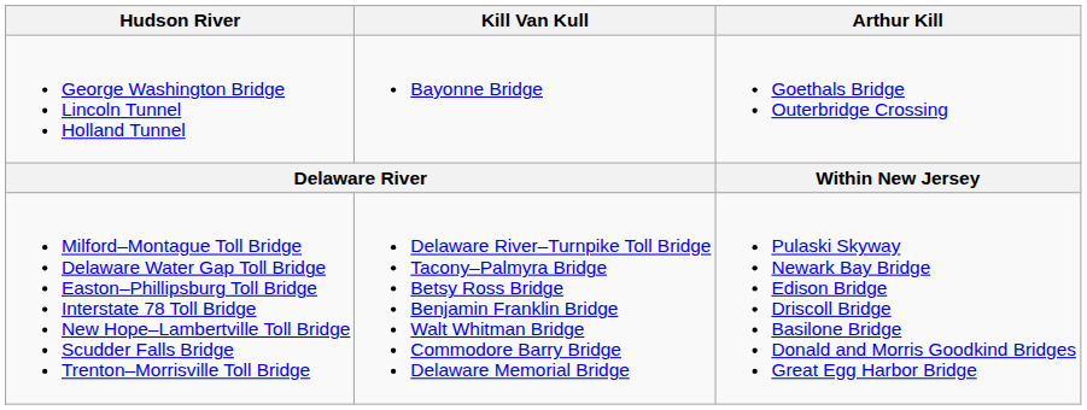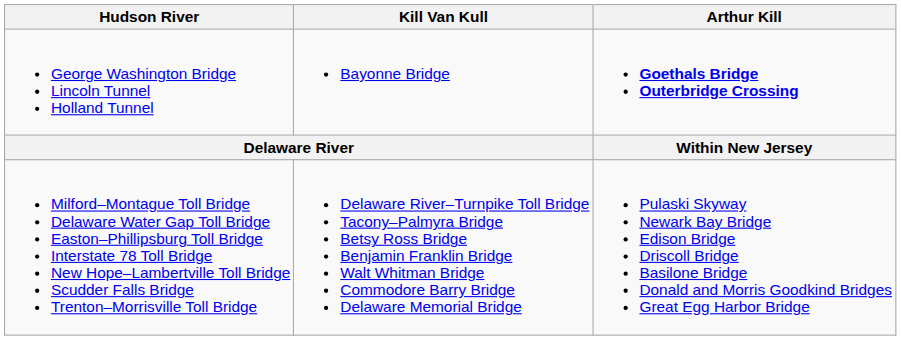 <table class="wikitable" style="float: margin-left: 5em; font-size: 90%;" cellspacing="3">
 <tr>
 <th>Hudson River</th>
 <th>Kill Van Kull</th>
 <th>Arthur Kill</th>
 </tr>
 <tr>
 <td valign="top"><br><ul><li><a href='#'>George Washington Bridge</a></li><li><a href='#'>Lincoln Tunnel</a></li><li><a href='#'>Holland Tunnel</a></li></ul></td>
 <td valign="top"><br><ul><li><a href='#'>Bayonne Bridge</a></li></ul></td>
-<td valign="top"><br><ul><li><a href='#'>Goethals Bridge</a></li><li><a href='#'>Outerbridge Crossing</a></li></ul></td>
+<td valign="top"><strong><br><ul><li><a href='#'>Goethals Bridge</a></li><li><a href='#'>Outerbridge Crossing</a></li></ul></strong></td>
 </tr>
 <tr>
 <th style="vertical-align:top;" colspan="2">Delaware River</th>
 <th valign="top">Within New Jersey</th>
 </tr>
 <tr>
 <td valign="top"><br><ul><li><a href='#'>Milford–Montague Toll Bridge</a></li><li><a href='#'>Delaware Water Gap Toll Bridge</a></li><li><a href='#'>Easton–Phillipsburg Toll Bridge</a></li><li><a href='#'>Interstate 78 Toll Bridge</a></li><li><a href='#'>New Hope–Lambertville Toll Bridge</a></li><li><a href='#'>Scudder Falls Bridge</a></li><li><a href='#'>Trenton–Morrisville Toll Bridge</a></li></ul></td>
 <td valign="top"><br><ul><li><a href='#'>Delaware River–Turnpike Toll Bridge</a></li><li><a href='#'>Tacony–Palmyra Bridge</a></li><li><a href='#'>Betsy Ross Bridge</a></li><li><a href='#'>Benjamin Franklin Bridge</a></li><li><a href='#'>Walt Whitman Bridge</a></li><li><a href='#'>Commodore Barry Bridge</a></li><li><a href='#'>Delaware Memorial Bridge</a></li></ul></td>
 <td valign="top"><br><ul><li><a href='#'>Pulaski Skyway</a></li><li><a href='#'>Newark Bay Bridge</a></li><li><a href='#'>Edison Bridge</a></li><li><a href='#'>Driscoll Bridge</a></li><li><a href='#'>Basilone Bridge</a></li><li><a href='#'>Donald and Morris Goodkind Bridges</a></li><li><a href='#'>Great Egg Harbor Bridge</a></li></ul></td>
 </tr>
 </table>
